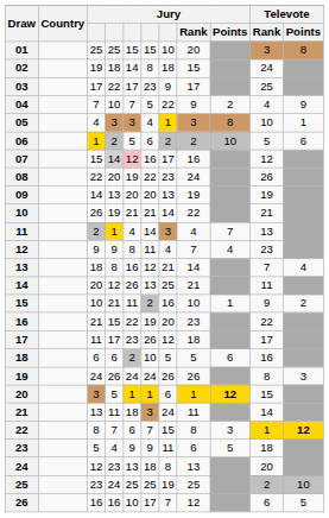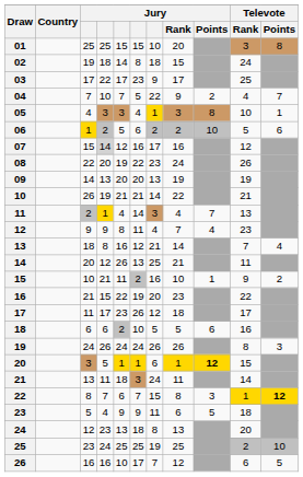 <table class="sortable wikitable collapsible plainrowheaders" style="text-align:center;">
 <tr>
 </tr>
 <tr>
 <th scope="col" rowspan="2">Draw</th>
 <th scope="col" rowspan="2">Country</th>
 <th scope="col" colspan="7">Jury</th>
 <th scope="col" colspan="2">Televote</th>
 </tr>
 <tr>
 <th scope="col"><small></small></th>
 <th scope="col"><small></small></th>
 <th scope="col"><small></small></th>
 <th scope="col"><small></small></th>
 <th scope="col"><small></small></th>
 <th scope="col">Rank</th>
 <th scope="col">Points</th>
 <th scope="col">Rank</th>
 <th scope="col">Points</th>
 </tr>
 <tr>
 <th scope="row" style="text-align:center;">01</th>
 <td style="text-align:left;"></td>
 <td>25</td>
 <td>25</td>
 <td>15</td>
 <td>15</td>
 <td>10</td>
 <td>20</td>
 <td style="background:#AAAAAA;"></td>
 <td style="background:#CC9966;">3</td>
 <td style="background:#CC9966;">8</td>
 </tr>
 <tr>
 <th scope="row" style="text-align:center;">02</th>
 <td style="text-align:left;"></td>
 <td>19</td>
 <td>18</td>
 <td>14</td>
 <td>8</td>
 <td>18</td>
 <td>15</td>
 <td style="background:#AAAAAA;"></td>
 <td>24</td>
 <td style="background:#AAAAAA;"></td>
 </tr>
 <tr>
 <th scope="row" style="text-align:center;">03</th>
 <td style="text-align:left;"></td>
 <td>17</td>
 <td>22</td>
 <td>17</td>
 <td>23</td>
 <td>9</td>
 <td>17</td>
 <td style="background:#AAAAAA;"></td>
 <td>25</td>
 <td style="background:#AAAAAA;"></td>
 </tr>
 <tr>
 <th scope="row" style="text-align:center;">04</th>
 <td style="text-align:left;"></td>
 <td>7</td>
 <td>10</td>
 <td>7</td>
 <td>5</td>
 <td>22</td>
 <td>9</td>
 <td>2</td>
 <td>4</td>
-<td>9</td>
+<td>7</td>
 </tr>
 <tr>
 <th scope="row" style="text-align:center;">05</th>
 <td style="text-align:left;"></td>
 <td>4</td>
 <td style="background:#CC9966;">3</td>
 <td style="background:#CC9966;">3</td>
 <td>4</td>
 <td style="background:gold;">1</td>
 <td style="background:#CC9966;">3</td>
 <td style="background:#CC9966;">8</td>
 <td>10</td>
 <td>1</td>
 </tr>
 <tr>
 <th scope="row" style="text-align:center;">06</th>
 <td style="text-align:left;"></td>
 <td style="background:gold;">1</td>
 <td style="background:silver;">2</td>
 <td>5</td>
 <td>6</td>
 <td style="background:silver;">2</td>
 <td style="background:silver;">2</td>
 <td style="background:silver;">10</td>
 <td>5</td>
 <td>6</td>
 </tr>
 <tr>
 <th scope="row" style="text-align:center;">07</th>
 <td style="text-align:left;"></td>
 <td>15</td>
 <td style="background: lightgrey;">14</td>
-<td style="background: pink;">12</td>
+<td>12</td>
 <td>16</td>
 <td>17</td>
 <td>16</td>
 <td style="background:#AAAAAA;"></td>
 <td>12</td>
 <td style="background:#AAAAAA;"></td>
 </tr>
 <tr>
 <th scope="row" style="text-align:center;">08</th>
 <td style="text-align:left;"></td>
 <td>22</td>
 <td>20</td>
 <td>19</td>
 <td>22</td>
 <td>23</td>
 <td>24</td>
 <td style="background:#AAAAAA;"></td>
 <td>26</td>
 <td style="background:#AAAAAA;"></td>
 </tr>
 <tr>
 <th scope="row" style="text-align:center;">09</th>
 <td style="text-align:left;"></td>
 <td>14</td>
 <td>13</td>
 <td>20</td>
 <td>20</td>
 <td>13</td>
 <td>19</td>
 <td style="background:#AAAAAA;"></td>
 <td>19</td>
 <td style="background:#AAAAAA;"></td>
 </tr>
 <tr>
 <th scope="row" style="text-align:center;">10</th>
 <td style="text-align:left;"></td>
 <td>26</td>
 <td>19</td>
 <td>21</td>
 <td>21</td>
 <td>14</td>
 <td>22</td>
 <td style="background:#AAAAAA;"></td>
 <td>21</td>
 <td style="background:#AAAAAA;"></td>
 </tr>
 <tr>
 <th scope="row" style="text-align:center;">11</th>
 <td style="text-align:left;"></td>
 <td style="background:silver;">2</td>
 <td style="background:gold;">1</td>
 <td>4</td>
 <td>14</td>
 <td style="background:#CC9966;">3</td>
 <td>4</td>
 <td>7</td>
 <td>13</td>
 <td style="background:#AAAAAA;"></td>
 </tr>
 <tr>
 <th scope="row" style="text-align:center;">12</th>
 <td style="text-align:left;"></td>
 <td>9</td>
 <td>9</td>
 <td>8</td>
 <td>11</td>
 <td>4</td>
 <td>7</td>
 <td>4</td>
 <td>23</td>
 <td style="background:#AAAAAA;"></td>
 </tr>
 <tr>
 <th scope="row" style="text-align:center;">13</th>
 <td style="text-align:left;"></td>
 <td>18</td>
 <td>8</td>
 <td>16</td>
 <td>12</td>
 <td>21</td>
 <td>14</td>
 <td style="background:#AAAAAA;"></td>
 <td>7</td>
 <td>4</td>
 </tr>
 <tr>
 <th scope="row" style="text-align:center;">14</th>
 <td style="text-align:left;"></td>
 <td>20</td>
 <td>12</td>
 <td>26</td>
 <td>13</td>
 <td>25</td>
 <td>21</td>
 <td style="background:#AAAAAA;"></td>
 <td>11</td>
 <td style="background:#AAAAAA;"></td>
 </tr>
 <tr>
 <th scope="row" style="text-align:center;">15</th>
 <td style="text-align:left;"></td>
 <td>10</td>
 <td>21</td>
 <td>11</td>
 <td style="background:silver;">2</td>
 <td>16</td>
 <td>10</td>
 <td>1</td>
 <td>9</td>
 <td>2</td>
 </tr>
 <tr>
 <th scope="row" style="text-align:center;">16</th>
 <td style="text-align:left;"></td>
 <td>21</td>
 <td>15</td>
 <td>22</td>
 <td>19</td>
 <td>20</td>
 <td>23</td>
 <td style="background:#AAAAAA;"></td>
 <td>22</td>
 <td style="background:#AAAAAA;"></td>
 </tr>
 <tr>
 <th scope="row" style="text-align:center;">17</th>
 <td style="text-align:left;"></td>
 <td>11</td>
 <td>17</td>
 <td>23</td>
 <td>26</td>
 <td>12</td>
 <td>18</td>
 <td style="background:#AAAAAA;"></td>
 <td>17</td>
 <td style="background:#AAAAAA;"></td>
 </tr>
 <tr>
 <th scope="row" style="text-align:center;">18</th>
 <td style="text-align:left;"></td>
 <td>6</td>
 <td>6</td>
 <td style="background:silver;">2</td>
 <td>10</td>
 <td>5</td>
 <td>5</td>
 <td>6</td>
 <td>16</td>
 <td style="background:#AAAAAA;"></td>
 </tr>
 <tr>
 <th scope="row" style="text-align:center;">19</th>
 <td style="text-align:left;"></td>
 <td>24</td>
 <td>26</td>
 <td>24</td>
 <td>24</td>
 <td>26</td>
 <td>26</td>
 <td style="background:#AAAAAA;"></td>
 <td>8</td>
 <td>3</td>
 </tr>
 <tr>
 <th scope="row" style="text-align:center;">20</th>
 <td style="text-align:left;"></td>
 <td style="background:#CC9966;">3</td>
 <td>5</td>
 <td style="background:gold;">1</td>
 <td style="background:gold;">1</td>
 <td>6</td>
 <td style="background:gold;">1</td>
 <td style="background:gold;"><strong>12</strong></td>
 <td>15</td>
 <td style="background:#AAAAAA;"></td>
 </tr>
 <tr>
 <th scope="row" style="text-align:center;">21</th>
 <td style="text-align:left;"></td>
 <td>13</td>
 <td>11</td>
 <td>18</td>
 <td style="background:#CC9966;">3</td>
 <td>24</td>
 <td>11</td>
 <td style="background:#AAAAAA;"></td>
 <td>14</td>
 <td style="background:#AAAAAA;"></td>
 </tr>
 <tr>
 <th scope="row" style="text-align:center;">22</th>
 <td style="text-align:left;"></td>
 <td>8</td>
 <td>7</td>
 <td>6</td>
 <td>7</td>
 <td>15</td>
 <td>8</td>
 <td>3</td>
 <td style="background:gold;">1</td>
 <td style="background:gold;"><strong>12</strong></td>
 </tr>
 <tr>
 <th scope="row" style="text-align:center;">23</th>
 <td style="text-align:left;"></td>
 <td>5</td>
 <td>4</td>
 <td>9</td>
 <td>9</td>
 <td>11</td>
 <td>6</td>
 <td>5</td>
 <td>18</td>
 <td style="background:#AAAAAA;"></td>
 </tr>
 <tr>
 <th scope="row" style="text-align:center;">24</th>
 <td style="text-align:left;"></td>
 <td>12</td>
 <td>23</td>
 <td>13</td>
 <td>18</td>
 <td>8</td>
 <td>13</td>
 <td style="background:#AAAAAA;"></td>
 <td>20</td>
 <td style="background:#AAAAAA;"></td>
 </tr>
 <tr>
 <th scope="row" style="text-align:center;">25</th>
 <td style="text-align:left;"></td>
 <td>23</td>
 <td>24</td>
 <td>25</td>
 <td>25</td>
 <td>19</td>
 <td>25</td>
 <td style="background:#AAAAAA;"></td>
 <td style="background:silver;">2</td>
 <td style="background:silver;">10</td>
 </tr>
 <tr>
 <th scope="row" style="text-align:center;">26</th>
 <td style="text-align:left;"></td>
 <td>16</td>
 <td>16</td>
 <td>10</td>
 <td>17</td>
 <td>7</td>
 <td>12</td>
 <td style="background:#AAAAAA;"></td>
 <td>6</td>
 <td>5</td>
 </tr>
 </table>
